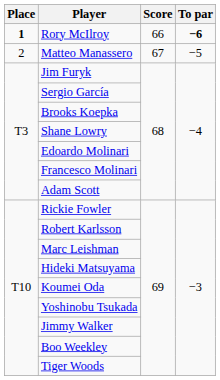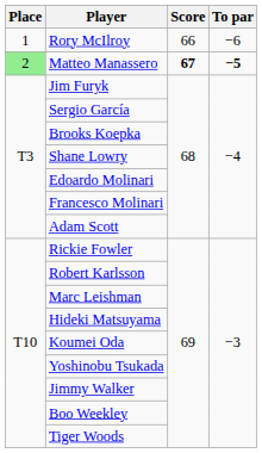 <table class="wikitable">
 <tr>
 <th>Place</th>
 <th>Player</th>
 <th>Score</th>
 <th>To par</th>
 </tr>
 <tr>
-<td align=center><strong>1</strong></td>
+<td align=center>1</td>
 <td> <a href='#'>Rory McIlroy</a></td>
 <td align=center>66</td>
-<td align=center><strong>−6</strong></td>
+<td align=center>−6</td>
 </tr>
 <tr>
-<td align=center>2</td>
+<td align=center style="background: lightgreen;">2</td>
 <td> <a href='#'>Matteo Manassero</a></td>
-<td align=center>67</td>
-<td align=center>−5</td>
+<td align=center><strong>67</strong></td>
+<td align=center><strong>−5</strong></td>
 </tr>
 <tr>
 <td style="text-align:center;" rowspan="7">T3</td>
 <td> <a href='#'>Jim Furyk</a></td>
 <td style="text-align:center;" rowspan="7">68</td>
 <td style="text-align:center;" rowspan="7">−4</td>
 </tr>
 <tr>
 <td> <a href='#'>Sergio García</a></td>
 </tr>
 <tr>
 <td> <a href='#'>Brooks Koepka</a></td>
 </tr>
 <tr>
 <td> <a href='#'>Shane Lowry</a></td>
 </tr>
 <tr>
 <td> <a href='#'>Edoardo Molinari</a></td>
 </tr>
 <tr>
 <td> <a href='#'>Francesco Molinari</a></td>
 </tr>
 <tr>
 <td> <a href='#'>Adam Scott</a></td>
 </tr>
 <tr>
 <td style="text-align:center;" rowspan="9">T10</td>
 <td> <a href='#'>Rickie Fowler</a></td>
 <td style="text-align:center;" rowspan="9">69</td>
 <td style="text-align:center;" rowspan="9">−3</td>
 </tr>
 <tr>
 <td> <a href='#'>Robert Karlsson</a></td>
 </tr>
 <tr>
 <td> <a href='#'>Marc Leishman</a></td>
 </tr>
 <tr>
 <td> <a href='#'>Hideki Matsuyama</a></td>
 </tr>
 <tr>
 <td> <a href='#'>Koumei Oda</a></td>
 </tr>
 <tr>
 <td> <a href='#'>Yoshinobu Tsukada</a></td>
 </tr>
 <tr>
 <td> <a href='#'>Jimmy Walker</a></td>
 </tr>
 <tr>
 <td> <a href='#'>Boo Weekley</a></td>
 </tr>
 <tr>
 <td> <a href='#'>Tiger Woods</a></td>
 </tr>
 </table>
